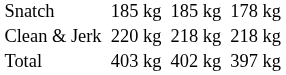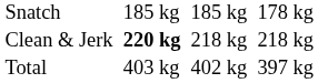 <table>
 <tr>
 <td>Snatch</td>
 <td></td>
 <td>185 kg</td>
 <td></td>
 <td>185 kg</td>
 <td></td>
 <td>178 kg</td>
 </tr>
 <tr>
 <td>Clean & Jerk</td>
 <td></td>
-<td>220 kg</td>
+<td><strong>220 kg</strong></td>
 <td></td>
 <td>218 kg</td>
 <td></td>
 <td>218 kg</td>
 </tr>
 <tr>
 <td>Total</td>
 <td></td>
 <td>403 kg</td>
 <td></td>
 <td>402 kg</td>
 <td></td>
 <td>397 kg</td>
 </tr>
 </table>
